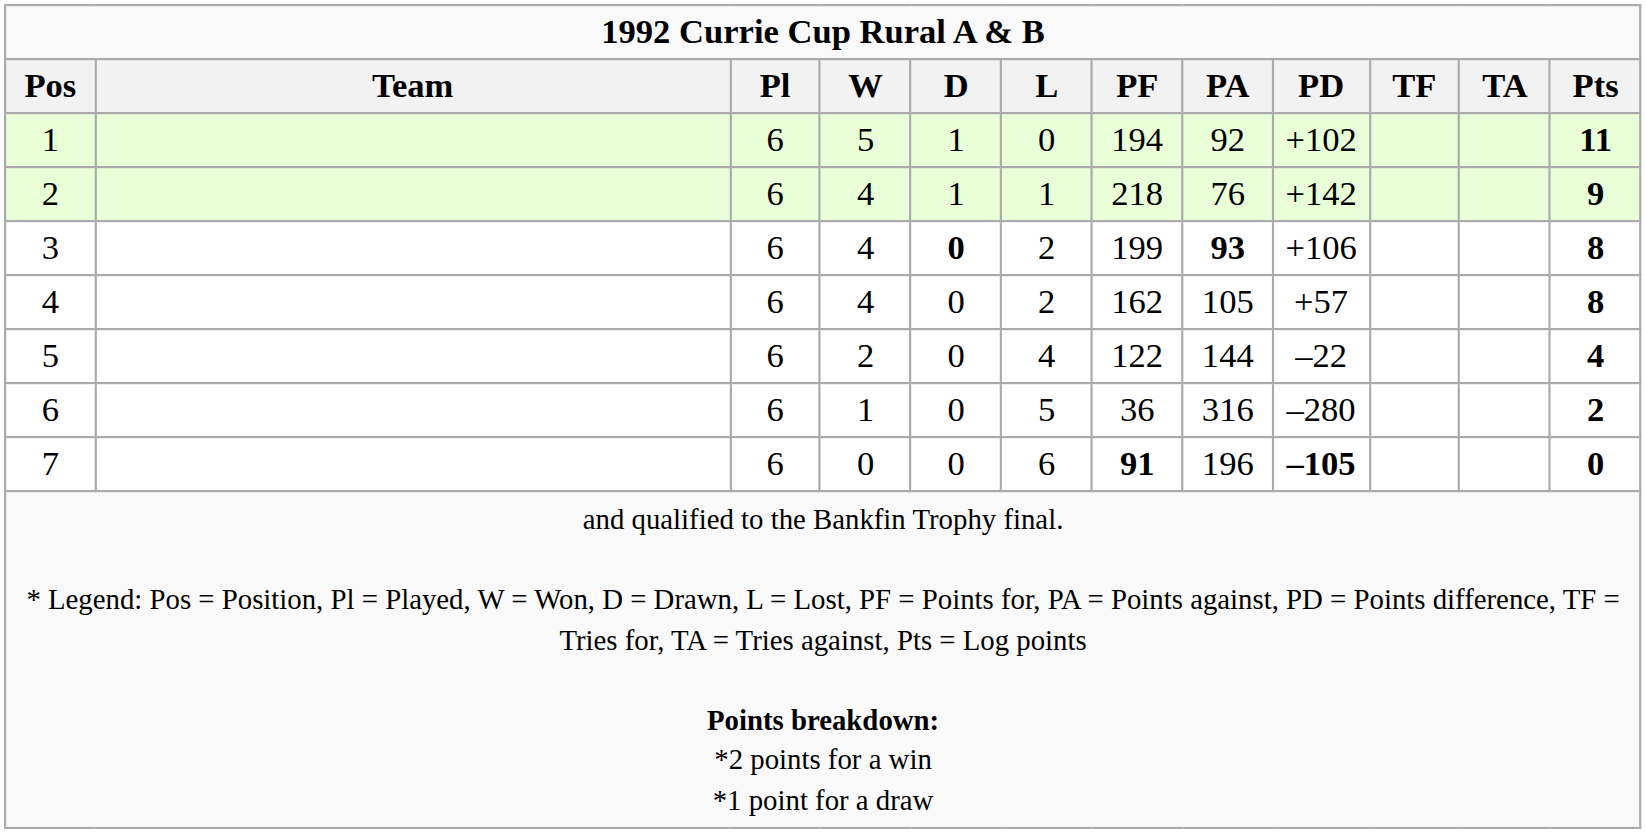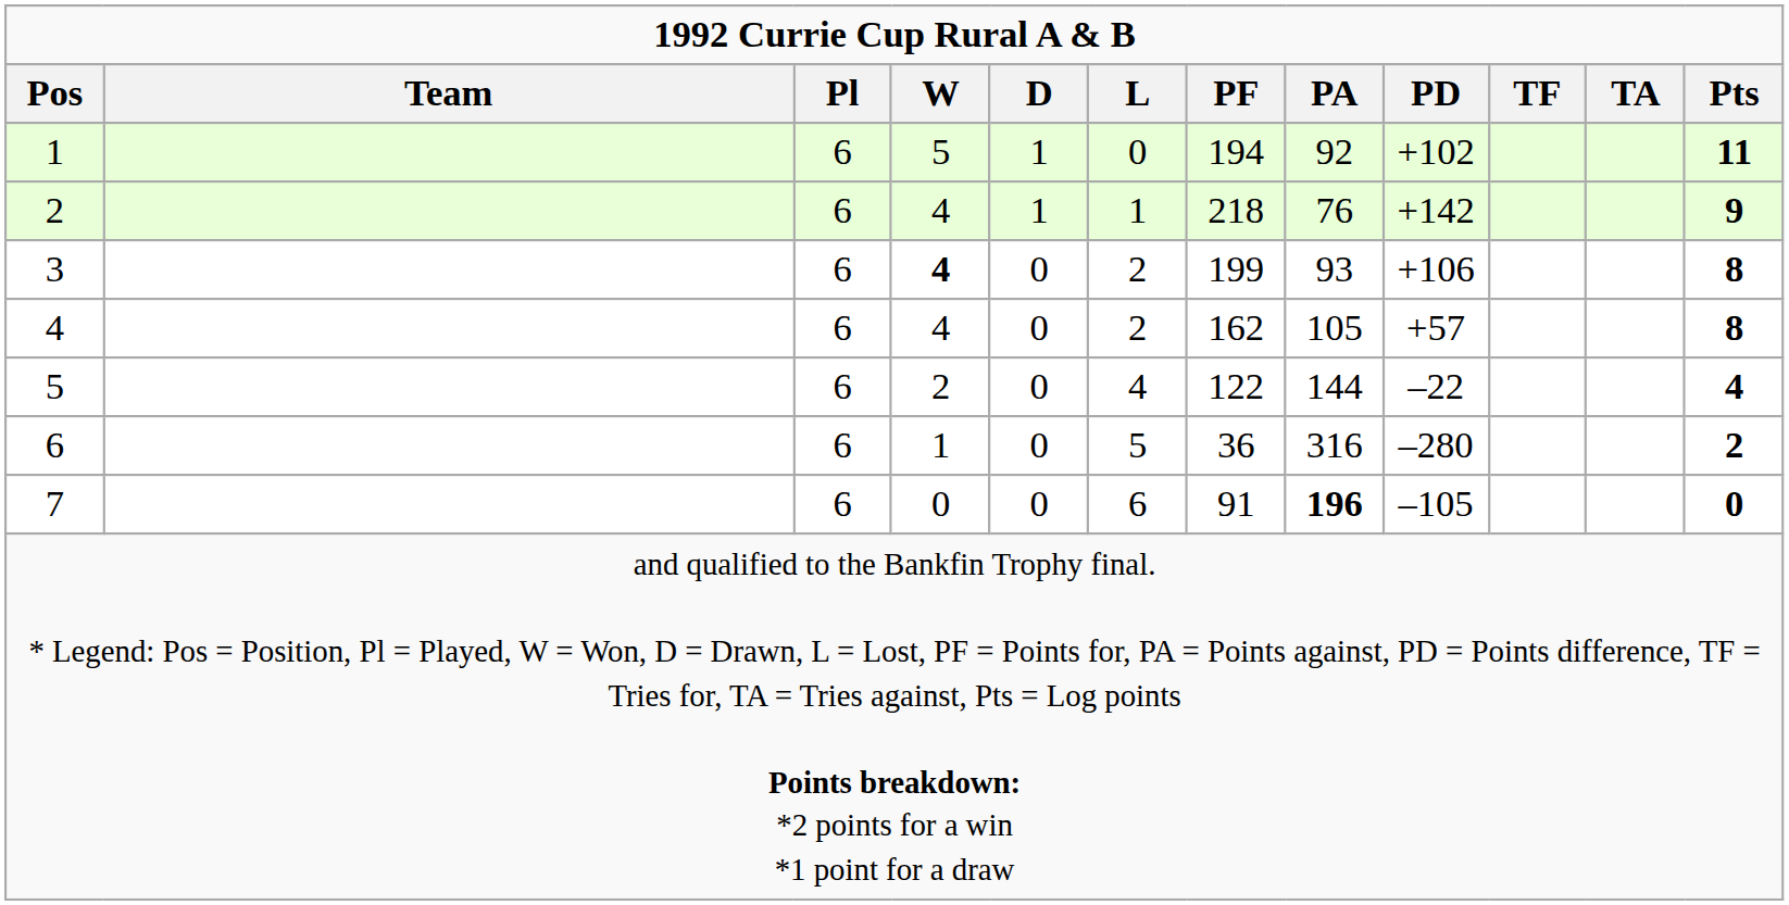 <table class="wikitable" style="text-align:center; line-height:110%; font-size:100%; width:60%;">
 <tr>
 <td colspan="12" cellpadding="0" cellspacing="0"><strong>1992 Currie Cup Rural A & B</strong></td>
 </tr>
 <tr>
 <th style="width:5%;">Pos</th>
 <th style="width:35%;">Team</th>
 <th style="width:5%;">Pl</th>
 <th style="width:5%;">W</th>
 <th style="width:5%;">D</th>
 <th style="width:5%;">L</th>
 <th style="width:5%;">PF</th>
 <th style="width:5%;">PA</th>
 <th style="width:5%;">PD</th>
 <th style="width:5%;">TF</th>
 <th style="width:5%;">TA</th>
 <th style="width:5%;">Pts<br></th>
 </tr>
 <tr bgcolor=#E8FFD8 align=center>
 <td>1</td>
 <td align=left></td>
 <td>6</td>
 <td>5</td>
 <td>1</td>
 <td>0</td>
 <td>194</td>
 <td>92</td>
 <td>+102</td>
 <td></td>
 <td></td>
 <td><strong>11</strong></td>
 </tr>
 <tr bgcolor=#E8FFD8 align=center>
 <td>2</td>
 <td align=left></td>
 <td>6</td>
 <td>4</td>
 <td>1</td>
 <td>1</td>
 <td>218</td>
 <td>76</td>
 <td>+142</td>
 <td></td>
 <td></td>
 <td><strong>9</strong></td>
 </tr>
 <tr bgcolor=#FFFFFF align=center>
 <td>3</td>
 <td align=left></td>
 <td>6</td>
-<td>4</td>
-<td><strong>0</strong></td>
+<td><strong>4</strong></td>
+<td>0</td>
 <td>2</td>
 <td>199</td>
-<td><strong>93</strong></td>
+<td>93</td>
 <td>+106</td>
 <td></td>
 <td></td>
 <td><strong>8</strong></td>
 </tr>
 <tr bgcolor=#FFFFFF align=center>
 <td>4</td>
 <td align=left></td>
 <td>6</td>
 <td>4</td>
 <td>0</td>
 <td>2</td>
 <td>162</td>
 <td>105</td>
 <td>+57</td>
 <td></td>
 <td></td>
 <td><strong>8</strong></td>
 </tr>
 <tr bgcolor=#FFFFFF align=center>
 <td>5</td>
 <td align=left></td>
 <td>6</td>
 <td>2</td>
 <td>0</td>
 <td>4</td>
 <td>122</td>
 <td>144</td>
 <td>–22</td>
 <td></td>
 <td></td>
 <td><strong>4</strong></td>
 </tr>
 <tr bgcolor=#FFFFFF align=center>
 <td>6</td>
 <td align=left></td>
 <td>6</td>
 <td>1</td>
 <td>0</td>
 <td>5</td>
 <td>36</td>
 <td>316</td>
 <td>–280</td>
 <td></td>
 <td></td>
 <td><strong>2</strong></td>
 </tr>
 <tr bgcolor=#FFFFFF align=center>
 <td>7</td>
 <td align=left></td>
 <td>6</td>
 <td>0</td>
 <td>0</td>
 <td>6</td>
-<td><strong>91</strong></td>
-<td>196</td>
-<td><strong>–105</strong></td>
+<td>91</td>
+<td><strong>196</strong></td>
+<td>–105</td>
 <td></td>
 <td></td>
 <td><strong>0</strong></td>
 </tr>
 <tr>
 <td colspan="12" style="border:0px"><small> and  qualified to the Bankfin Trophy final.<br><br>* Legend: Pos = Position, Pl = Played, W = Won, D = Drawn, L = Lost, PF = Points for, PA = Points against, PD = Points difference, TF = Tries for, TA = Tries against, Pts = Log points<br><br><strong>Points breakdown:</strong><br>*2 points for a win<br>*1 point for a draw</small></td>
 </tr>
 </table>
